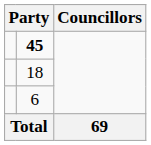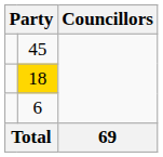 <table class="wikitable">
 <tr>
 <th colspan=2>Party</th>
 <th>Councillors</th>
 </tr>
 <tr>
 <td></td>
-<td align=center><strong>45</strong></td>
+<td align=center>45</td>
 </tr>
 <tr>
 <td></td>
-<td align=center>18</td>
+<td align=center style="background: gold;">18</td>
 </tr>
 <tr>
 <td></td>
 <td align=center>6</td>
 </tr>
 <tr>
 <th colspan=2>Total</th>
 <th align=center>69</th>
 </tr>
 </table>
